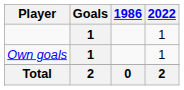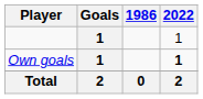 <table class="wikitable sortable" style="text-align:center;">
 <tr>
 <th>Player</th>
 <th>Goals</th>
 <th><a href='#'>1986</a></th>
 <th><a href='#'>2022</a></th>
 </tr>
 <tr>
 <td style="text-align:left;"></td>
 <th>1</th>
 <td></td>
 <td>1</td>
 </tr>
 <tr>
 <td><em><a href='#'>Own goals</a></em></td>
 <th>1</th>
 <td></td>
-<td>1</td>
+<td><strong>1</strong></td>
 </tr>
 <tr>
 </tr>
 <tr class="sortbottom">
 <th>Total</th>
 <th>2</th>
 <th>0</th>
 <th>2</th>
 </tr>
 </table>
